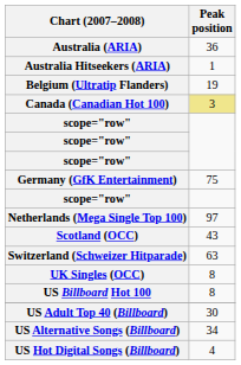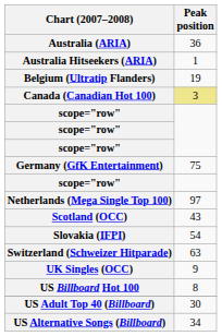 <table class="wikitable sortable plainrowheaders">
 <tr>
 <th>Chart (2007–2008)</th>
 <th>Peak<br>position</th>
 </tr>
 <tr>
 <th scope="row">Australia (<a href='#'>ARIA</a>)</th>
 <td align="center">36</td>
 </tr>
 <tr>
 <th scope="row">Australia Hitseekers (<a href='#'>ARIA</a>)</th>
 <td style="text-align:center;">1</td>
 </tr>
 <tr>
 <th scope="row">Belgium (<a href='#'>Ultratip</a> Flanders)</th>
 <td align="center">19</td>
 </tr>
 <tr>
 <th scope="row">Canada (<a href='#'>Canadian Hot 100</a>)</th>
 <td align="center" style="background: khaki;">3</td>
 </tr>
 <tr>
 <th>scope="row" </th>
 </tr>
 <tr>
 <th>scope="row" </th>
 </tr>
 <tr>
 <th>scope="row" </th>
 </tr>
 <tr>
 <th scope="row">Germany (<a href='#'>GfK Entertainment</a>)</th>
 <td align="center">75</td>
 </tr>
 <tr>
 <th>scope="row" </th>
 </tr>
 <tr>
 <th scope="row">Netherlands (<a href='#'>Mega Single Top 100</a>)</th>
 <td align="center">97</td>
 </tr>
 <tr>
 <th scope="row"><a href='#'>Scotland</a> (<a href='#'>OCC</a>)</th>
 <td align="center">43</td>
 </tr>
 <tr>
+<th scope="row">Slovakia (<a href='#'>IFPI</a>)</th>
+<td align="center">54</td>
+</tr>
+<tr>
 <th scope="row">Switzerland (<a href='#'>Schweizer Hitparade</a>)</th>
 <td align="center">63</td>
 </tr>
 <tr>
 <th scope="row"><a href='#'>UK Singles</a> (<a href='#'>OCC</a>)</th>
-<td align="center">8</td>
+<td align="center">9</td>
 </tr>
 <tr>
 <th scope="row">US <em><a href='#'>Billboard</a></em> <a href='#'>Hot 100</a></th>
 <td align="center">8</td>
 </tr>
 <tr>
 </tr>
 <tr>
 <th scope="row">US <a href='#'>Adult Top 40</a> (<em><a href='#'>Billboard</a></em>)</th>
 <td align="center">30</td>
 </tr>
 <tr>
 <th scope="row">US <a href='#'>Alternative Songs</a> (<em><a href='#'>Billboard</a></em>)</th>
 <td align="center">34</td>
 </tr>
-<tr>
-<th scope="row">US <a href='#'>Hot Digital Songs</a> (<em><a href='#'>Billboard</a></em>)</th>
-<td align="center">4</td>
-</tr>
 </table>
